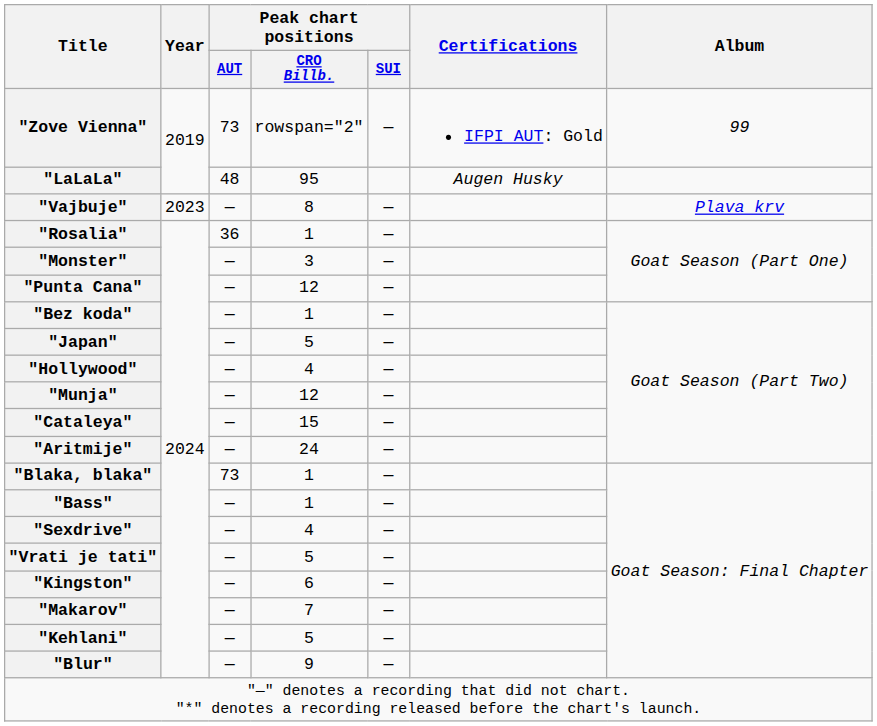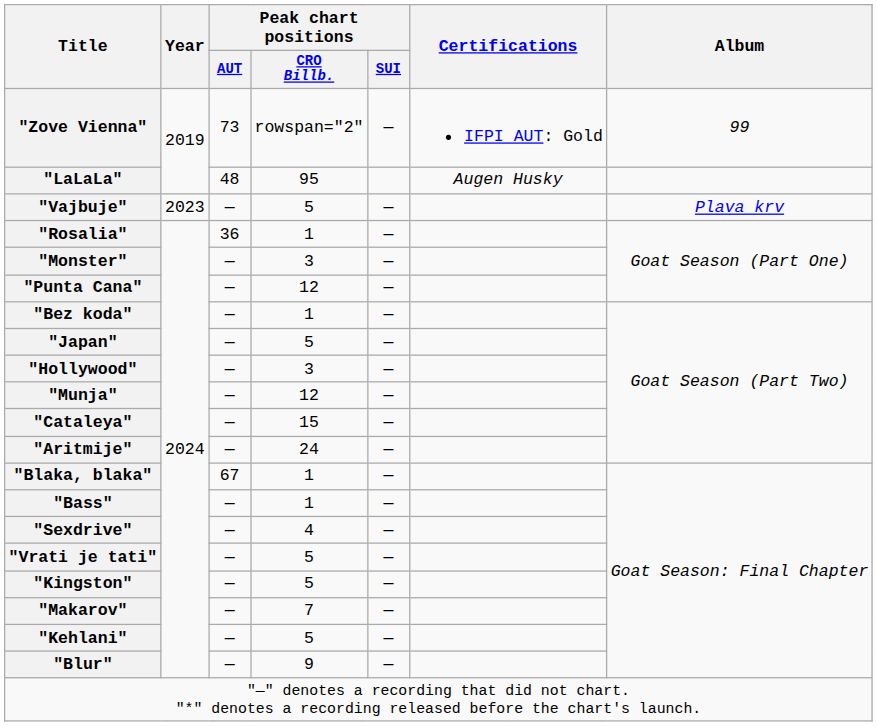 <table class="wikitable plainrowheaders" style="text-align:center;">
 <tr>
 <th rowspan="2" scope="col">Title</th>
 <th rowspan="2" scope="col">Year</th>
 <th colspan="3" scope="col">Peak chart positions</th>
 <th rowspan="2" scope="col"><a href='#'>Certifications</a></th>
 <th rowspan="2" scope="col">Album</th>
 </tr>
 <tr>
 <th style="width:2.5em; font-size:85%"><a href='#'>AUT</a><br></th>
 <th style="width:2.5em; font-size:85%"><a href='#'>CRO<br><em>Billb.</em></a><br></th>
 <th style="width:2.5em; font-size:85%"><a href='#'>SUI</a><br></th>
 </tr>
 <tr>
 <th scope="row">"Zove Vienna"<br></th>
 <td rowspan="2">2019</td>
 <td>73</td>
 <td>rowspan="2" </td>
 <td>—</td>
 <td><br><ul><li><a href='#'>IFPI AUT</a>: Gold</li></ul></td>
 <td><em>99</em></td>
 </tr>
 <tr>
 <th scope="row">"LaLaLa"<br></th>
 <td>48</td>
 <td>95</td>
 <td></td>
 <td><em>Augen Husky</em></td>
 </tr>
 <tr>
 <th scope="row">"Vajbuje"<br></th>
 <td>2023</td>
 <td>—</td>
-<td>8</td>
+<td>5</td>
 <td>—</td>
 <td></td>
 <td><em><a href='#'>Plava krv</a></em></td>
 </tr>
 <tr>
 <th scope="row">"Rosalia"<br></th>
 <td rowspan="17">2024</td>
 <td>36</td>
 <td>1</td>
 <td>—</td>
 <td></td>
 <td rowspan="3"><em>Goat Season (Part One)</em></td>
 </tr>
 <tr>
 <th scope="row">"Monster"<br></th>
 <td>—</td>
 <td>3</td>
 <td>—</td>
 <td></td>
 </tr>
 <tr>
 <th scope="row">"Punta Cana"</th>
 <td>—</td>
 <td>12</td>
 <td>—</td>
 <td></td>
 </tr>
 <tr>
 <th scope="row">"Bez koda"<br></th>
 <td>—</td>
 <td>1</td>
 <td>—</td>
 <td></td>
 <td rowspan="6"><em>Goat Season (Part Two)</em></td>
 </tr>
 <tr>
 <th scope="row">"Japan"<br></th>
 <td>—</td>
 <td>5</td>
 <td>—</td>
 <td></td>
 </tr>
 <tr>
 <th scope="row">"Hollywood"<br></th>
 <td>—</td>
-<td>4</td>
+<td>3</td>
 <td>—</td>
 <td></td>
 </tr>
 <tr>
 <th scope="row">"Munja"<br></th>
 <td>—</td>
 <td>12</td>
 <td>—</td>
 <td></td>
 </tr>
 <tr>
 <th scope="row">"Cataleya"<br></th>
 <td>—</td>
 <td>15</td>
 <td>—</td>
 <td></td>
 </tr>
 <tr>
 <th scope="row">"Aritmije"<br></th>
 <td>—</td>
 <td>24</td>
 <td>—</td>
 <td></td>
 </tr>
 <tr>
 <th scope="row">"Blaka, blaka"<br></th>
-<td>73</td>
+<td>67</td>
 <td>1</td>
 <td>—</td>
 <td></td>
 <td rowspan="8"><em>Goat Season: Final Chapter</em></td>
 </tr>
 <tr>
 <th scope="row">"Bass"<br></th>
 <td>—</td>
 <td>1</td>
 <td>—</td>
 <td></td>
 </tr>
 <tr>
 <th scope="row">"Sexdrive"<br></th>
 <td>—</td>
 <td>4</td>
 <td>—</td>
 <td></td>
 </tr>
 <tr>
 <th scope="row">"Vrati je tati"<br></th>
 <td>—</td>
 <td>5</td>
 <td>—</td>
 <td></td>
 </tr>
 <tr>
 <th scope="row">"Kingston"<br></th>
 <td>—</td>
-<td>6</td>
+<td>5</td>
 <td>—</td>
 <td></td>
 </tr>
 <tr>
 <th scope="row">"Makarov"<br></th>
 <td>—</td>
 <td>7</td>
 <td>—</td>
 <td></td>
 </tr>
 <tr>
 <th scope="row">"Kehlani"<br></th>
 <td>—</td>
 <td>5</td>
 <td>—</td>
 <td></td>
 </tr>
 <tr>
 <th scope="row">"Blur"<br></th>
 <td>—</td>
 <td>9</td>
 <td>—</td>
 <td></td>
 </tr>
 <tr>
 <td colspan="7" style="font-size:90%">"—" denotes a recording that did not chart.<br>"*" denotes a recording released before the chart's launch.</td>
 </tr>
 </table>
